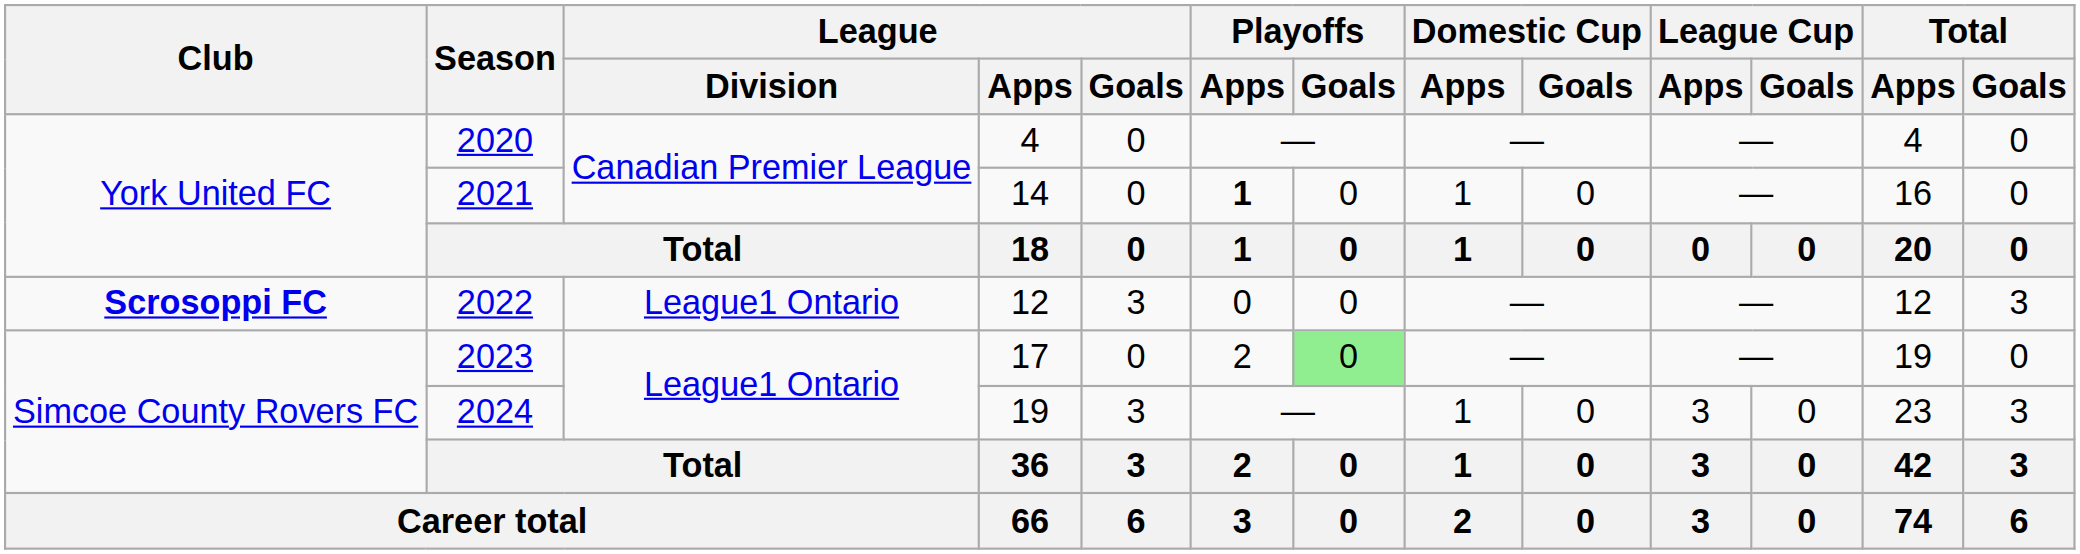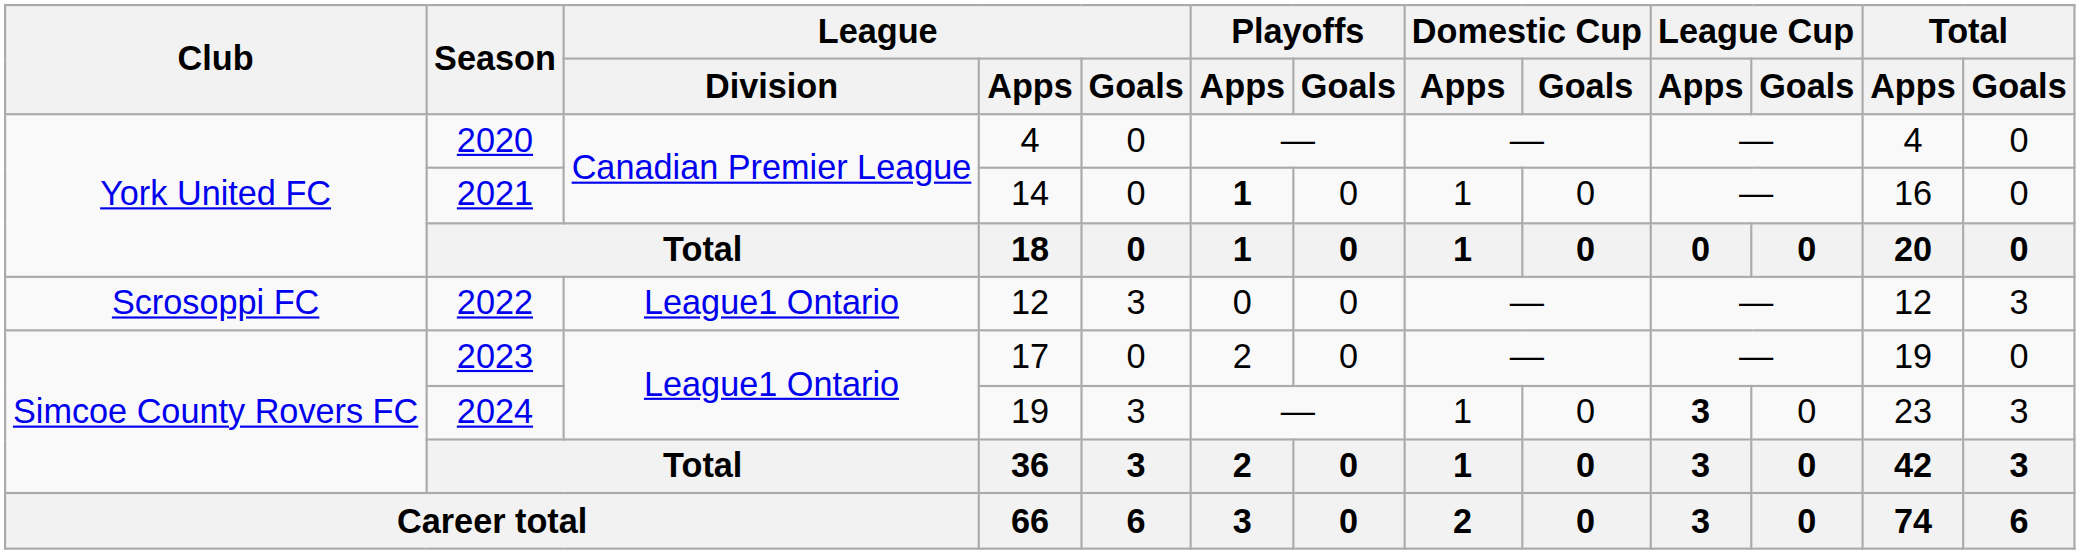 <table class="wikitable" style="text-align:center">
 <tr>
 <th rowspan="2">Club</th>
 <th rowspan="2">Season</th>
 <th colspan="3">League</th>
 <th colspan="2">Playoffs</th>
 <th colspan="2">Domestic Cup</th>
 <th colspan="2">League Cup</th>
 <th colspan="2">Total</th>
 </tr>
 <tr>
 <th>Division</th>
 <th>Apps</th>
 <th>Goals</th>
 <th>Apps</th>
 <th>Goals</th>
 <th>Apps</th>
 <th>Goals</th>
 <th>Apps</th>
 <th>Goals</th>
 <th>Apps</th>
 <th>Goals</th>
 </tr>
 <tr>
 <td rowspan=3><a href='#'>York United FC</a></td>
 <td><a href='#'>2020</a></td>
 <td rowspan=2><a href='#'>Canadian Premier League</a></td>
 <td>4</td>
 <td>0</td>
 <td colspan="2">—</td>
 <td colspan="2">—</td>
 <td colspan="2">—</td>
 <td>4</td>
 <td>0</td>
 </tr>
 <tr>
 <td><a href='#'>2021</a></td>
 <td>14</td>
 <td>0</td>
 <td><strong>1</strong></td>
 <td>0</td>
 <td>1</td>
 <td>0</td>
 <td colspan="2">—</td>
 <td>16</td>
 <td>0</td>
 </tr>
 <tr>
 <th colspan="2">Total</th>
 <th>18</th>
 <th>0</th>
 <th>1</th>
 <th>0</th>
 <th>1</th>
 <th>0</th>
 <th>0</th>
 <th>0</th>
 <th>20</th>
 <th>0</th>
 </tr>
 <tr>
-<td><strong><a href='#'>Scrosoppi FC</a></strong></td>
+<td><a href='#'>Scrosoppi FC</a></td>
 <td><a href='#'>2022</a></td>
 <td><a href='#'>League1 Ontario</a></td>
 <td>12</td>
 <td>3</td>
 <td>0</td>
 <td>0</td>
 <td colspan="2">—</td>
 <td colspan="2">—</td>
 <td>12</td>
 <td>3</td>
 </tr>
 <tr>
 <td rowspan=3><a href='#'>Simcoe County Rovers FC</a></td>
 <td><a href='#'>2023</a></td>
 <td rowspan=2><a href='#'>League1 Ontario</a></td>
 <td>17</td>
 <td>0</td>
 <td>2</td>
-<td style="background: lightgreen;">0</td>
+<td>0</td>
 <td colspan="2">—</td>
 <td colspan="2">—</td>
 <td>19</td>
 <td>0</td>
 </tr>
 <tr>
 <td><a href='#'>2024</a></td>
 <td>19</td>
 <td>3</td>
 <td colspan="2">—</td>
 <td>1</td>
 <td>0</td>
-<td>3</td>
+<td><strong>3</strong></td>
 <td>0</td>
 <td>23</td>
 <td>3</td>
 </tr>
 <tr>
 <th colspan="2">Total</th>
 <th>36</th>
 <th>3</th>
 <th>2</th>
 <th>0</th>
 <th>1</th>
 <th>0</th>
 <th>3</th>
 <th>0</th>
 <th>42</th>
 <th>3</th>
 </tr>
 <tr>
 <th colspan="3">Career total</th>
 <th>66</th>
 <th>6</th>
 <th>3</th>
 <th>0</th>
 <th>2</th>
 <th>0</th>
 <th>3</th>
 <th>0</th>
 <th>74</th>
 <th>6</th>
 </tr>
 </table>
